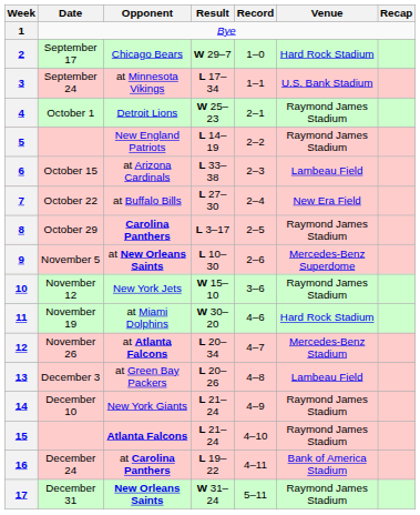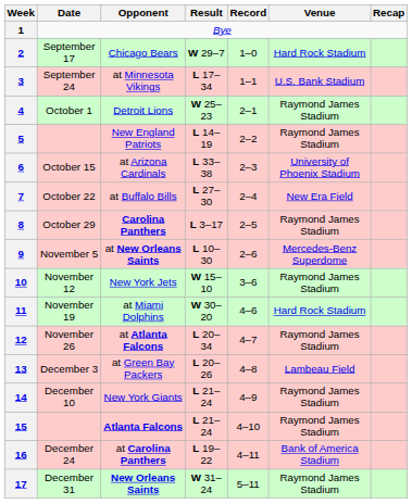 <table class="wikitable" style="text-align:center">
 <tr>
 <th>Week</th>
 <th>Date</th>
 <th>Opponent</th>
 <th>Result</th>
 <th>Record</th>
 <th>Venue</th>
 <th>Recap</th>
 </tr>
 <tr>
 <th>1</th>
 <td colspan="6"><em><a href='#'>Bye</a></em></td>
 </tr>
 <tr style="background:#cfc">
 <th><a href='#'>2</a></th>
 <td>September 17</td>
 <td><a href='#'>Chicago Bears</a></td>
 <td><strong>W</strong> 29–7</td>
 <td>1–0</td>
 <td><a href='#'>Hard Rock Stadium</a></td>
 <td></td>
 </tr>
 <tr style="background:#fcc">
 <th><a href='#'>3</a></th>
 <td>September 24</td>
 <td>at <a href='#'>Minnesota Vikings</a></td>
 <td><strong>L</strong> 17–34</td>
 <td>1–1</td>
 <td><a href='#'>U.S. Bank Stadium</a></td>
 <td></td>
 </tr>
 <tr style="background:#cfc">
 <th><a href='#'>4</a></th>
 <td>October 1</td>
 <td><a href='#'>Detroit Lions</a></td>
 <td><strong>W</strong> 25–23</td>
 <td>2–1</td>
 <td>Raymond James Stadium</td>
 <td></td>
 </tr>
 <tr style="background:#fcc">
 <th><a href='#'>5</a></th>
 <td></td>
 <td><a href='#'>New England Patriots</a></td>
 <td><strong>L</strong> 14–19</td>
 <td>2–2</td>
 <td>Raymond James Stadium</td>
 <td></td>
 </tr>
 <tr style="background:#fcc">
 <th><a href='#'>6</a></th>
 <td>October 15</td>
 <td>at <a href='#'>Arizona Cardinals</a></td>
 <td><strong>L</strong> 33–38</td>
 <td>2–3</td>
-<td><a href='#'>Lambeau Field</a></td>
+<td><a href='#'>University of Phoenix Stadium</a></td>
 <td></td>
 </tr>
 <tr style="background:#fcc">
 <th><a href='#'>7</a></th>
 <td>October 22</td>
 <td>at <a href='#'>Buffalo Bills</a></td>
 <td><strong>L</strong> 27–30</td>
 <td>2–4</td>
 <td><a href='#'>New Era Field</a></td>
 <td></td>
 </tr>
 <tr style="background:#fcc">
 <th><a href='#'>8</a></th>
 <td>October 29</td>
 <td><strong><a href='#'>Carolina Panthers</a></strong></td>
 <td><strong>L</strong> 3–17</td>
 <td>2–5</td>
 <td>Raymond James Stadium</td>
 <td></td>
 </tr>
 <tr style="background:#fcc">
 <th><a href='#'>9</a></th>
 <td>November 5</td>
 <td>at <strong><a href='#'>New Orleans Saints</a></strong></td>
 <td><strong>L</strong> 10–30</td>
 <td>2–6</td>
 <td><a href='#'>Mercedes-Benz Superdome</a></td>
 <td></td>
 </tr>
 <tr style="background:#cfc">
 <th><a href='#'>10</a></th>
 <td>November 12</td>
 <td><a href='#'>New York Jets</a></td>
 <td><strong>W</strong> 15–10</td>
 <td>3–6</td>
 <td>Raymond James Stadium</td>
 <td></td>
 </tr>
 <tr style="background:#cfc">
 <th><a href='#'>11</a></th>
 <td>November 19</td>
 <td>at <a href='#'>Miami Dolphins</a></td>
 <td><strong>W</strong> 30–20</td>
 <td>4–6</td>
 <td><a href='#'>Hard Rock Stadium</a></td>
 <td></td>
 </tr>
 <tr style="background:#fcc">
 <th><a href='#'>12</a></th>
 <td>November 26</td>
 <td>at <strong><a href='#'>Atlanta Falcons</a></strong></td>
 <td><strong>L</strong> 20–34</td>
 <td>4–7</td>
-<td><a href='#'>Mercedes-Benz Stadium</a></td>
+<td>Raymond James Stadium</td>
 <td></td>
 </tr>
 <tr style="background:#fcc">
 <th><a href='#'>13</a></th>
 <td>December 3</td>
 <td>at <a href='#'>Green Bay Packers</a></td>
 <td><strong>L</strong> 20–26 </td>
 <td>4–8</td>
 <td><a href='#'>Lambeau Field</a></td>
 <td></td>
 </tr>
 <tr style="background:#fcc">
 <th><a href='#'>14</a></th>
 <td>December 10</td>
 <td><a href='#'>New York Giants</a></td>
 <td><strong>L</strong> 21–24</td>
 <td>4–9</td>
 <td>Raymond James Stadium</td>
 <td></td>
 </tr>
 <tr style="background:#fcc">
 <th><a href='#'>15</a></th>
 <td></td>
 <td><strong><a href='#'>Atlanta Falcons</a></strong></td>
 <td><strong>L</strong> 21–24</td>
 <td>4–10</td>
 <td>Raymond James Stadium</td>
 <td></td>
 </tr>
 <tr style="background:#fcc">
 <th><a href='#'>16</a></th>
 <td>December 24</td>
 <td>at <strong><a href='#'>Carolina Panthers</a></strong></td>
 <td><strong>L</strong> 19–22</td>
 <td>4–11</td>
 <td><a href='#'>Bank of America Stadium</a></td>
 <td></td>
 </tr>
 <tr style="background:#cfc">
 <th><a href='#'>17</a></th>
 <td>December 31</td>
 <td><strong><a href='#'>New Orleans Saints</a></strong></td>
 <td><strong>W</strong> 31–24</td>
 <td>5–11</td>
 <td>Raymond James Stadium</td>
 <td></td>
 </tr>
 </table>
